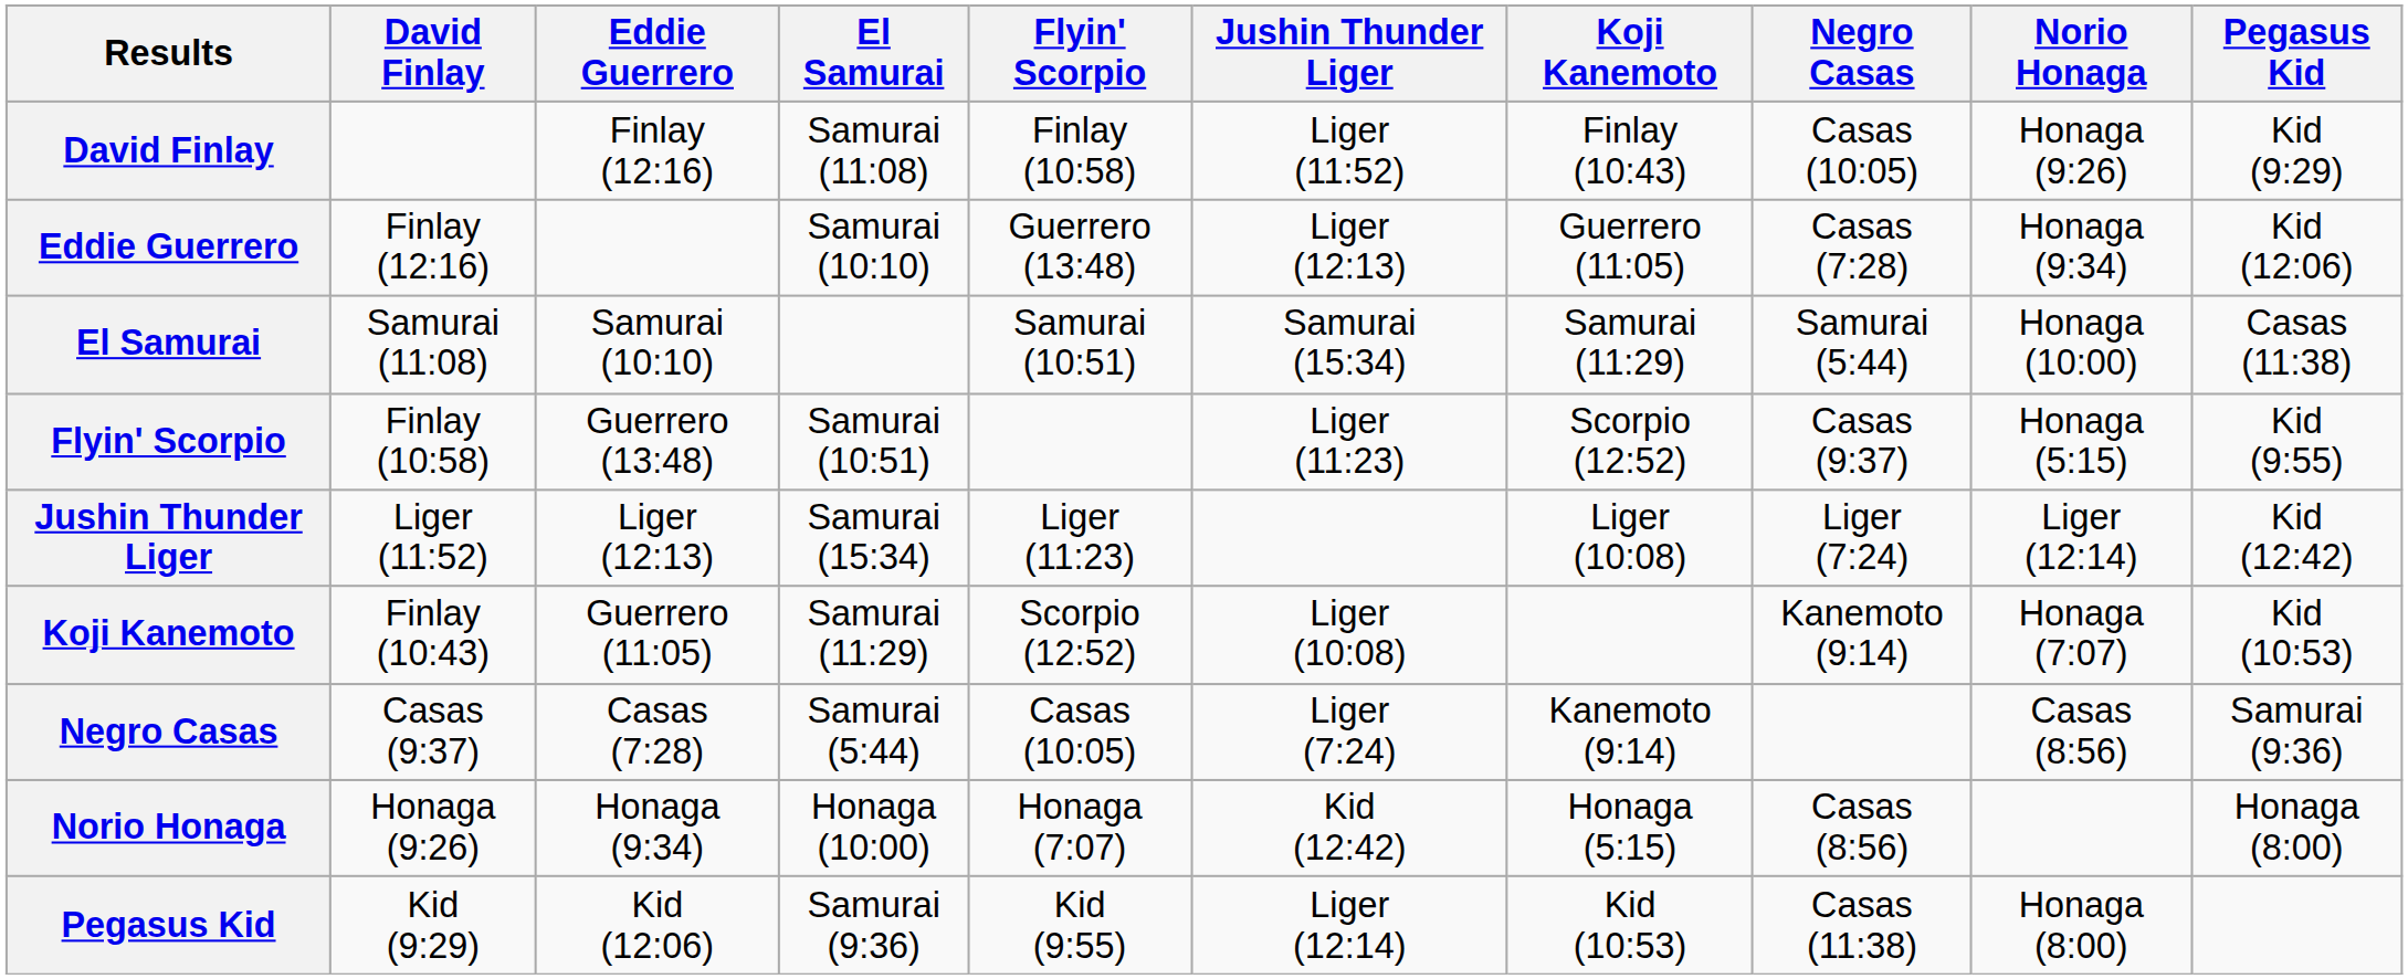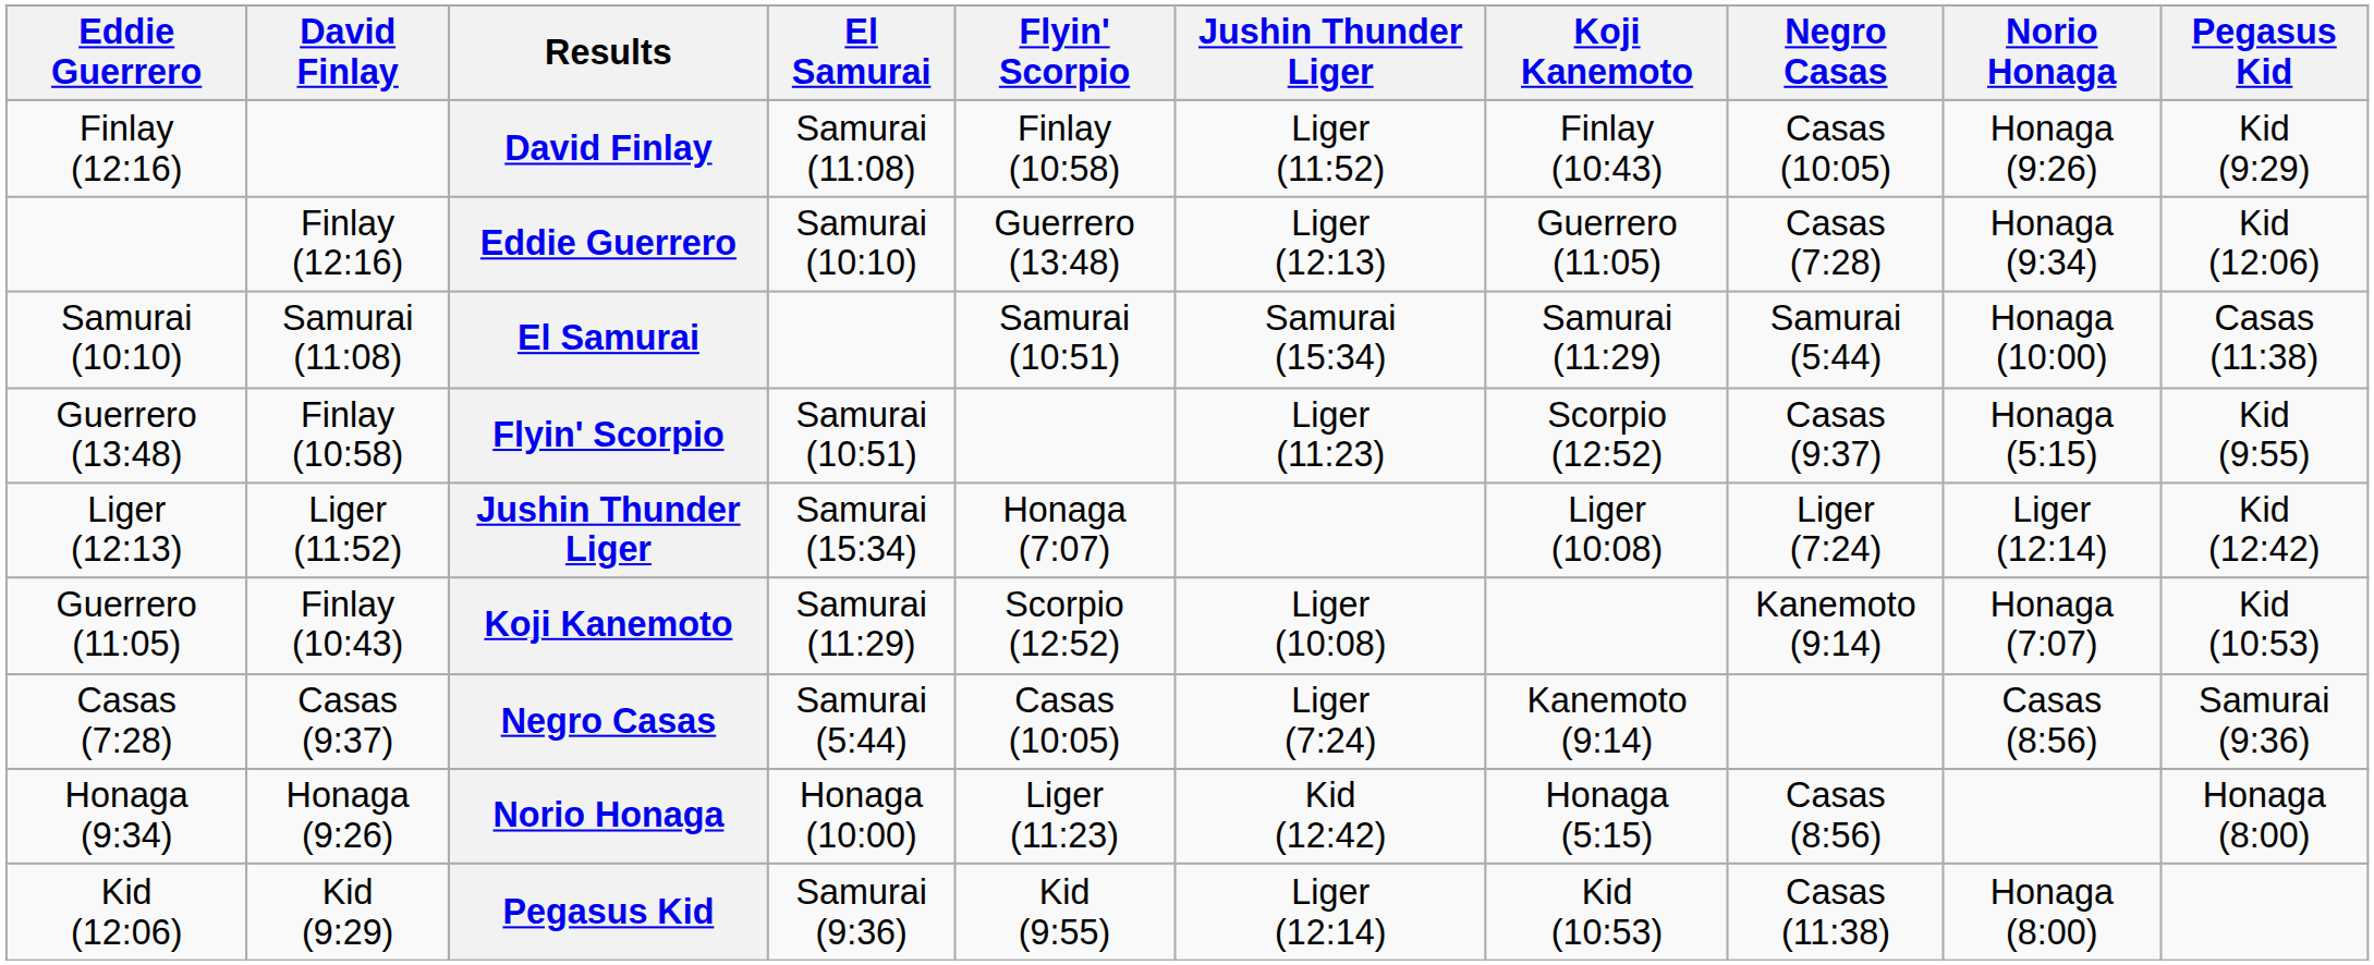 <table class="wikitable" style="text-align:center; margin: 1em auto 1em auto" width="85%">
 <tr>
+<th><a href='#'>Eddie Guerrero</a></th>
+<th><a href='#'>David Finlay</a></th>
 <th>Results</th>
-<th><a href='#'>David Finlay</a></th>
-<th><a href='#'>Eddie Guerrero</a></th>
 <th><a href='#'>El Samurai</a></th>
 <th><a href='#'>Flyin' Scorpio</a></th>
 <th><a href='#'>Jushin Thunder Liger</a></th>
 <th><a href='#'>Koji Kanemoto</a></th>
 <th><a href='#'>Negro Casas</a></th>
 <th><a href='#'>Norio Honaga</a></th>
 <th><a href='#'>Pegasus Kid</a></th>
 </tr>
 <tr>
+<td>Finlay<br>(12:16)</td>
+<td></td>
 <th><a href='#'>David Finlay</a></th>
-<td></td>
-<td>Finlay<br>(12:16)</td>
 <td>Samurai<br>(11:08)</td>
 <td>Finlay<br>(10:58)</td>
 <td>Liger<br>(11:52)</td>
 <td>Finlay<br>(10:43)</td>
 <td>Casas<br>(10:05)</td>
 <td>Honaga<br>(9:26)</td>
 <td>Kid<br>(9:29)</td>
 </tr>
 <tr>
+<td></td>
+<td>Finlay<br>(12:16)</td>
 <th><a href='#'>Eddie Guerrero</a></th>
-<td>Finlay<br>(12:16)</td>
-<td></td>
 <td>Samurai<br>(10:10)</td>
 <td>Guerrero<br>(13:48)</td>
 <td>Liger<br>(12:13)</td>
 <td>Guerrero<br>(11:05)</td>
 <td>Casas<br>(7:28)</td>
 <td>Honaga<br>(9:34)</td>
 <td>Kid<br>(12:06)</td>
 </tr>
 <tr>
+<td>Samurai<br>(10:10)</td>
+<td>Samurai<br>(11:08)</td>
 <th><a href='#'>El Samurai</a></th>
-<td>Samurai<br>(11:08)</td>
-<td>Samurai<br>(10:10)</td>
 <td></td>
 <td>Samurai<br>(10:51)</td>
 <td>Samurai<br>(15:34)</td>
 <td>Samurai<br>(11:29)</td>
 <td>Samurai<br>(5:44)</td>
 <td>Honaga<br>(10:00)</td>
 <td>Casas<br>(11:38)</td>
 </tr>
 <tr>
+<td>Guerrero<br>(13:48)</td>
+<td>Finlay<br>(10:58)</td>
 <th><a href='#'>Flyin' Scorpio</a></th>
-<td>Finlay<br>(10:58)</td>
-<td>Guerrero<br>(13:48)</td>
 <td>Samurai<br>(10:51)</td>
 <td></td>
 <td>Liger<br>(11:23)</td>
 <td>Scorpio<br>(12:52)</td>
 <td>Casas<br>(9:37)</td>
 <td>Honaga<br>(5:15)</td>
 <td>Kid<br>(9:55)</td>
 </tr>
 <tr>
+<td>Liger<br>(12:13)</td>
+<td>Liger<br>(11:52)</td>
 <th><a href='#'>Jushin Thunder Liger</a></th>
-<td>Liger<br>(11:52)</td>
-<td>Liger<br>(12:13)</td>
 <td>Samurai<br>(15:34)</td>
-<td>Liger<br>(11:23)</td>
+<td>Honaga<br>(7:07)</td>
 <td></td>
 <td>Liger<br>(10:08)</td>
 <td>Liger<br>(7:24)</td>
 <td>Liger<br>(12:14)</td>
 <td>Kid<br>(12:42)</td>
 </tr>
 <tr>
+<td>Guerrero<br>(11:05)</td>
+<td>Finlay<br>(10:43)</td>
 <th><a href='#'>Koji Kanemoto</a></th>
-<td>Finlay<br>(10:43)</td>
-<td>Guerrero<br>(11:05)</td>
 <td>Samurai<br>(11:29)</td>
 <td>Scorpio<br>(12:52)</td>
 <td>Liger<br>(10:08)</td>
 <td></td>
 <td>Kanemoto<br>(9:14)</td>
 <td>Honaga<br>(7:07)</td>
 <td>Kid<br>(10:53)</td>
 </tr>
 <tr>
+<td>Casas<br>(7:28)</td>
+<td>Casas<br>(9:37)</td>
 <th><a href='#'>Negro Casas</a></th>
-<td>Casas<br>(9:37)</td>
-<td>Casas<br>(7:28)</td>
 <td>Samurai<br>(5:44)</td>
 <td>Casas<br>(10:05)</td>
 <td>Liger<br>(7:24)</td>
 <td>Kanemoto<br>(9:14)</td>
 <td></td>
 <td>Casas<br>(8:56)</td>
 <td>Samurai<br>(9:36)</td>
 </tr>
 <tr>
+<td>Honaga<br>(9:34)</td>
+<td>Honaga<br>(9:26)</td>
 <th><a href='#'>Norio Honaga</a></th>
-<td>Honaga<br>(9:26)</td>
-<td>Honaga<br>(9:34)</td>
 <td>Honaga<br>(10:00)</td>
-<td>Honaga<br>(7:07)</td>
+<td>Liger<br>(11:23)</td>
 <td>Kid<br>(12:42)</td>
 <td>Honaga<br>(5:15)</td>
 <td>Casas<br>(8:56)</td>
 <td></td>
 <td>Honaga<br>(8:00)</td>
 </tr>
 <tr>
+<td>Kid<br>(12:06)</td>
+<td>Kid<br>(9:29)</td>
 <th><a href='#'>Pegasus Kid</a></th>
-<td>Kid<br>(9:29)</td>
-<td>Kid<br>(12:06)</td>
 <td>Samurai<br>(9:36)</td>
 <td>Kid<br>(9:55)</td>
 <td>Liger<br>(12:14)</td>
 <td>Kid<br>(10:53)</td>
 <td>Casas<br>(11:38)</td>
 <td>Honaga<br>(8:00)</td>
 <td></td>
 </tr>
 </table>
